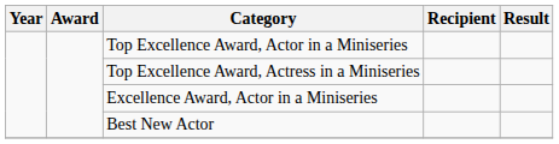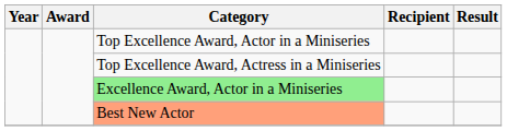 <table class="wikitable">
 <tr>
 <th>Year</th>
 <th>Award</th>
 <th>Category</th>
 <th>Recipient</th>
 <th>Result</th>
 </tr>
 <tr>
 <td rowspan="4"></td>
 <td rowspan="4"></td>
 <td>Top Excellence Award, Actor in a Miniseries</td>
 <td></td>
 <td></td>
 </tr>
 <tr>
 <td>Top Excellence Award, Actress in a Miniseries</td>
 <td></td>
 <td></td>
 </tr>
 <tr>
-<td>Excellence Award, Actor in a Miniseries</td>
+<td style="background: lightgreen;">Excellence Award, Actor in a Miniseries</td>
 <td></td>
 <td></td>
 </tr>
 <tr>
-<td>Best New Actor</td>
+<td style="background: lightsalmon;">Best New Actor</td>
 <td></td>
 <td></td>
 </tr>
 <tr>
 </tr>
 </table>
